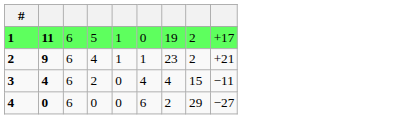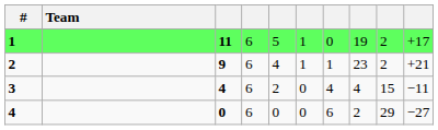 <table class="wikitable sortable" style="font-size: 90%">
 <tr>
 <th width=30>#</th>
+<th width=165 style="text-align:left;">Team</th>
 <th width=20></th>
 <th width=20></th>
 <th width=20></th>
 <th width=20></th>
 <th width=20></th>
 <th width=20></th>
 <th width=20></th>
 <th width=20></th>
 </tr>
 <tr bgcolor=#5eff5e>
 <td><strong>1</strong></td>
+<td style="text-align:left;"></td>
 <td><strong>11</strong></td>
 <td>6</td>
 <td>5</td>
 <td>1</td>
 <td>0</td>
 <td>19</td>
 <td>2</td>
 <td>+17</td>
 </tr>
 <tr>
 <td><strong>2</strong></td>
+<td style="text-align:left;"></td>
 <td><strong>9</strong></td>
 <td>6</td>
 <td>4</td>
 <td>1</td>
 <td>1</td>
 <td>23</td>
 <td>2</td>
 <td>+21</td>
 </tr>
 <tr>
 <td><strong>3</strong></td>
+<td style="text-align:left;"></td>
 <td><strong>4</strong></td>
 <td>6</td>
 <td>2</td>
 <td>0</td>
 <td>4</td>
 <td>4</td>
 <td>15</td>
 <td>−11</td>
 </tr>
 <tr>
 <td><strong>4</strong></td>
+<td style="text-align:left;"></td>
 <td><strong>0</strong></td>
 <td>6</td>
 <td>0</td>
 <td>0</td>
 <td>6</td>
 <td>2</td>
 <td>29</td>
 <td>−27</td>
 </tr>
 </table>
